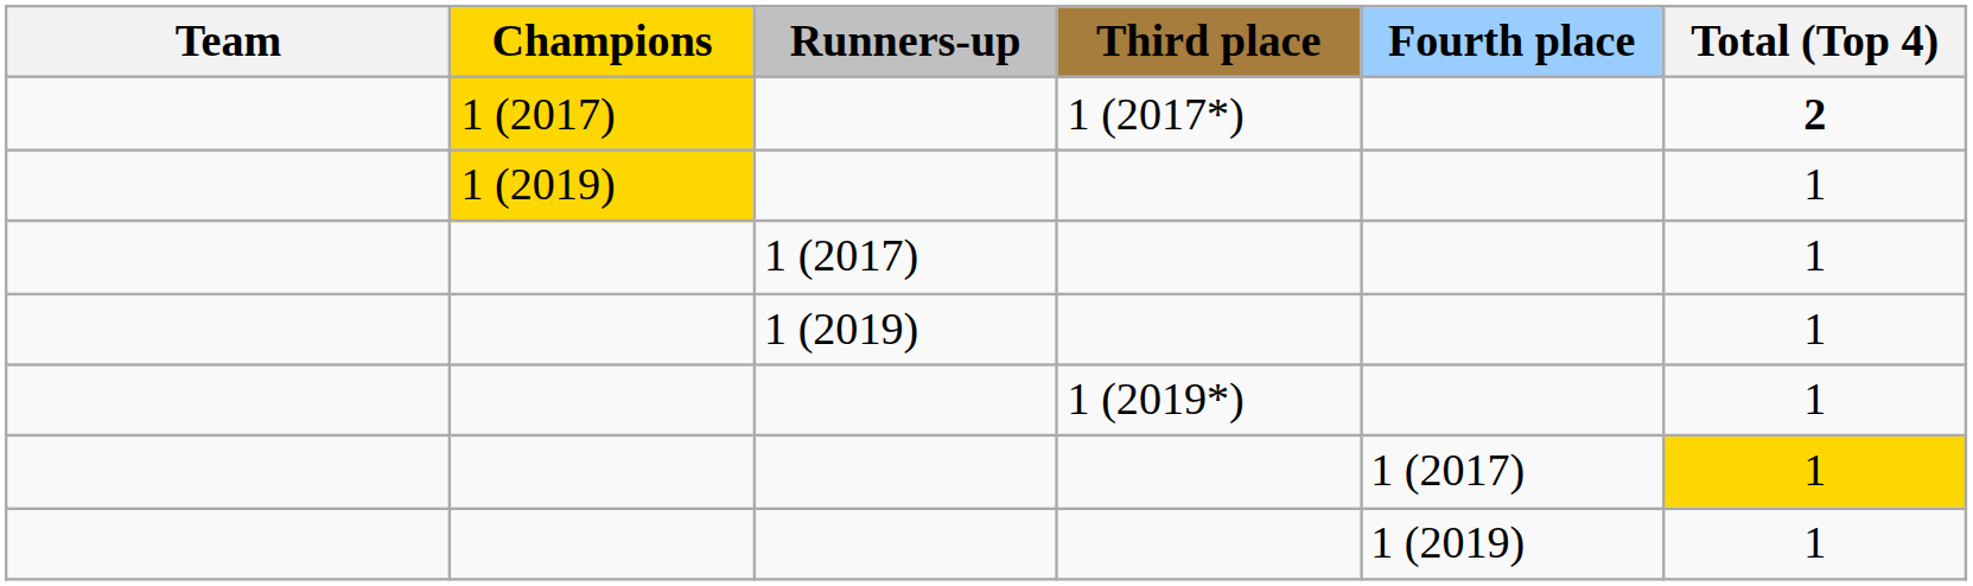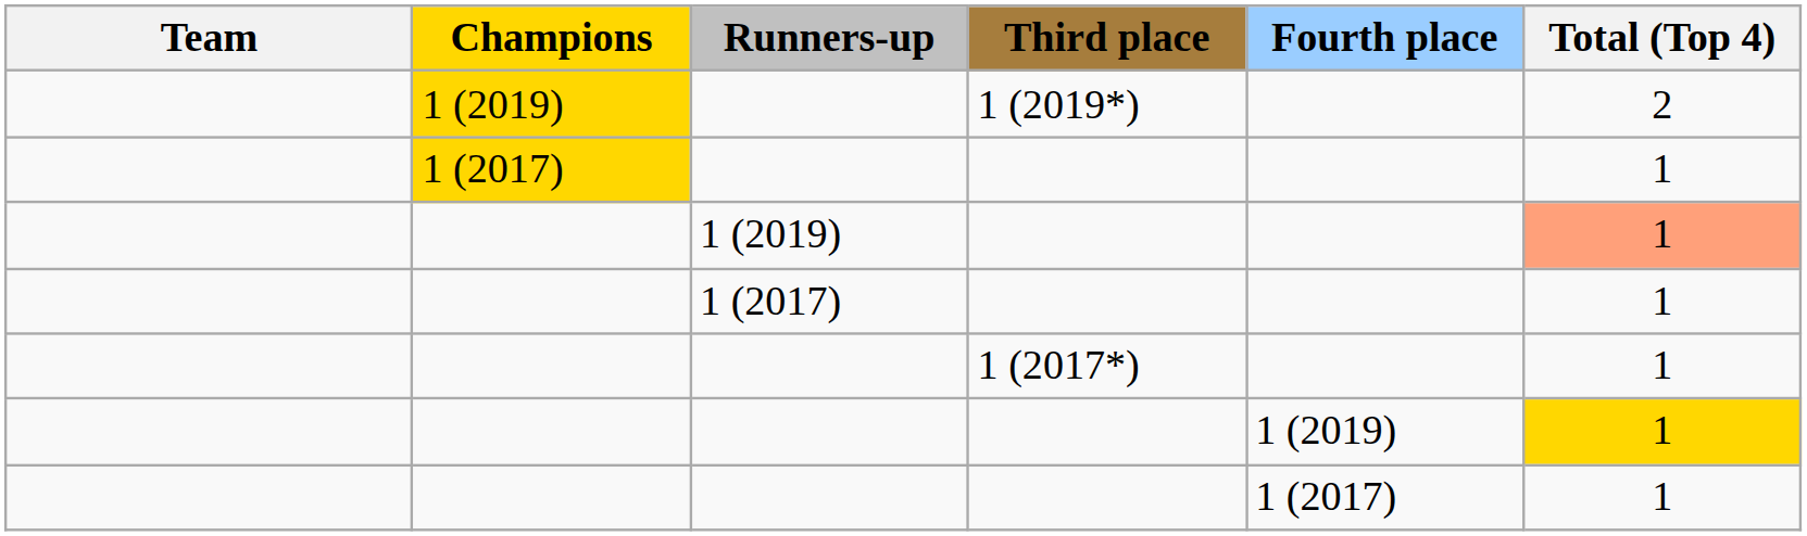 <table class="wikitable sortable">
 <tr>
 <th width=150px>Team</th>
 <th width=100px style="background:gold;">Champions</th>
 <th width=100px style="background:silver;">Runners-up</th>
 <th width=100px style="background:#a67d3d;">Third place</th>
 <th width=100px style="background:#9acdff;">Fourth place</th>
 <th width=100px>Total (Top 4)</th>
 </tr>
 <tr>
 <td></td>
-<td bgcolor=Gold>1 (2017)</td>
+<td bgcolor=Gold>1 (2019)</td>
 <td></td>
-<td>1 (2017*)</td>
+<td>1 (2019*)</td>
 <td></td>
-<td align="center"><strong>2</strong></td>
+<td align="center">2</td>
 </tr>
 <tr>
 <td></td>
-<td bgcolor=Gold>1 (2019)</td>
+<td bgcolor=Gold>1 (2017)</td>
 <td></td>
 <td></td>
 <td></td>
 <td align=center>1</td>
+</tr>
+<tr>
+<td></td>
+<td></td>
+<td>1 (2019)</td>
+<td></td>
+<td></td>
+<td align="center" style="background: lightsalmon;">1</td>
 </tr>
 <tr>
 <td></td>
 <td></td>
 <td>1 (2017)</td>
 <td></td>
 <td></td>
 <td align="center">1</td>
 </tr>
 <tr>
 <td></td>
 <td></td>
-<td>1 (2019)</td>
 <td></td>
-<td></td>
-<td align="center">1</td>
-</tr>
-<tr>
-<td></td>
-<td></td>
-<td></td>
-<td>1 (2019*)</td>
+<td>1 (2017*)</td>
 <td></td>
 <td align="center">1</td>
 </tr>
 <tr>
 <td></td>
 <td></td>
 <td></td>
 <td></td>
-<td>1 (2017)</td>
+<td>1 (2019)</td>
 <td align="center" style="background: gold;">1</td>
 </tr>
 <tr>
 <td></td>
 <td></td>
 <td></td>
 <td></td>
-<td>1 (2019)</td>
+<td>1 (2017)</td>
 <td align="center">1</td>
 </tr>
 </table>
